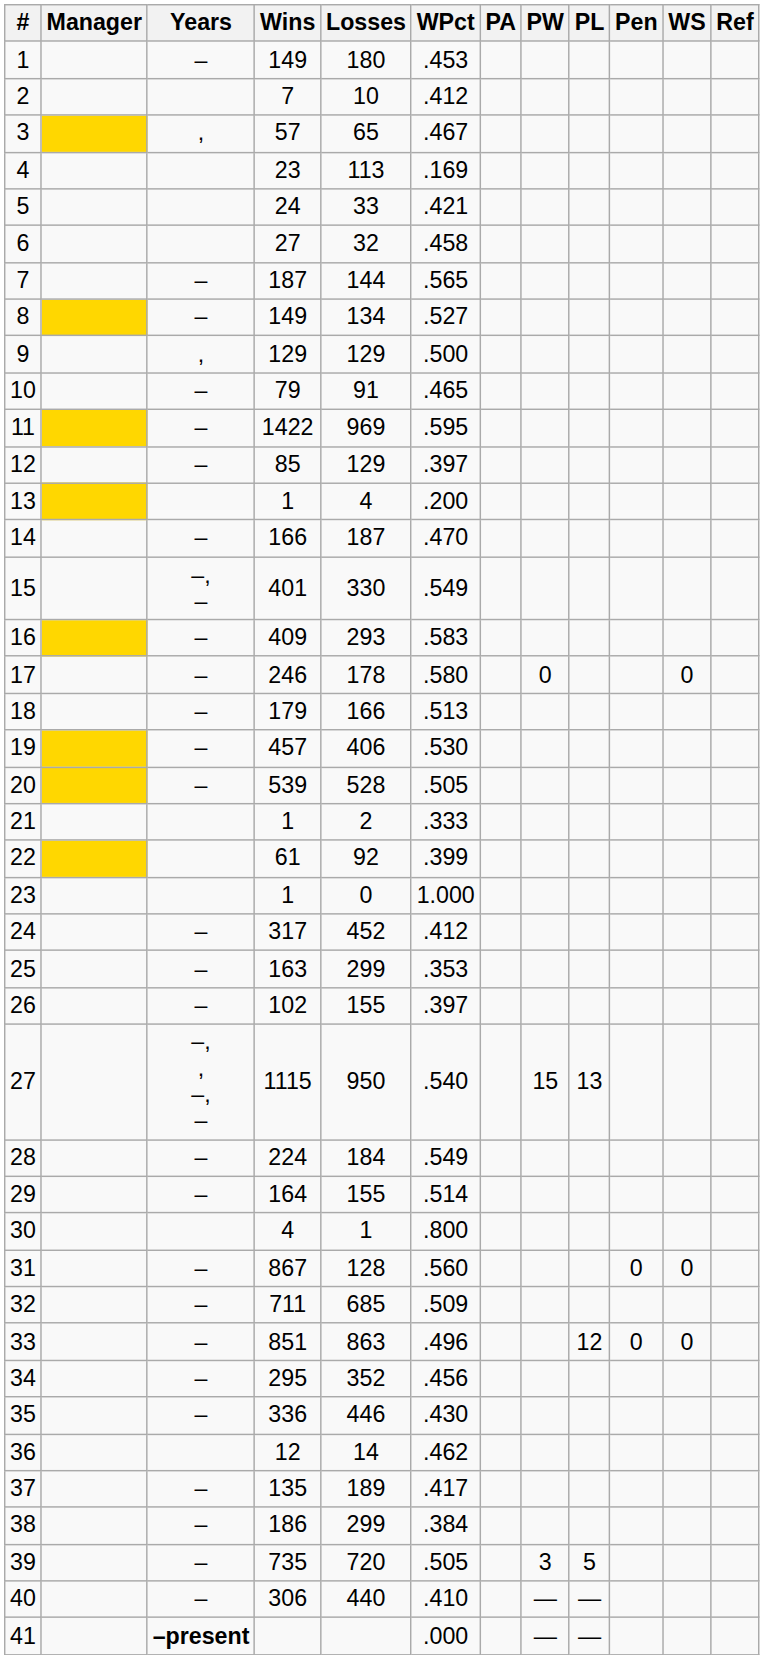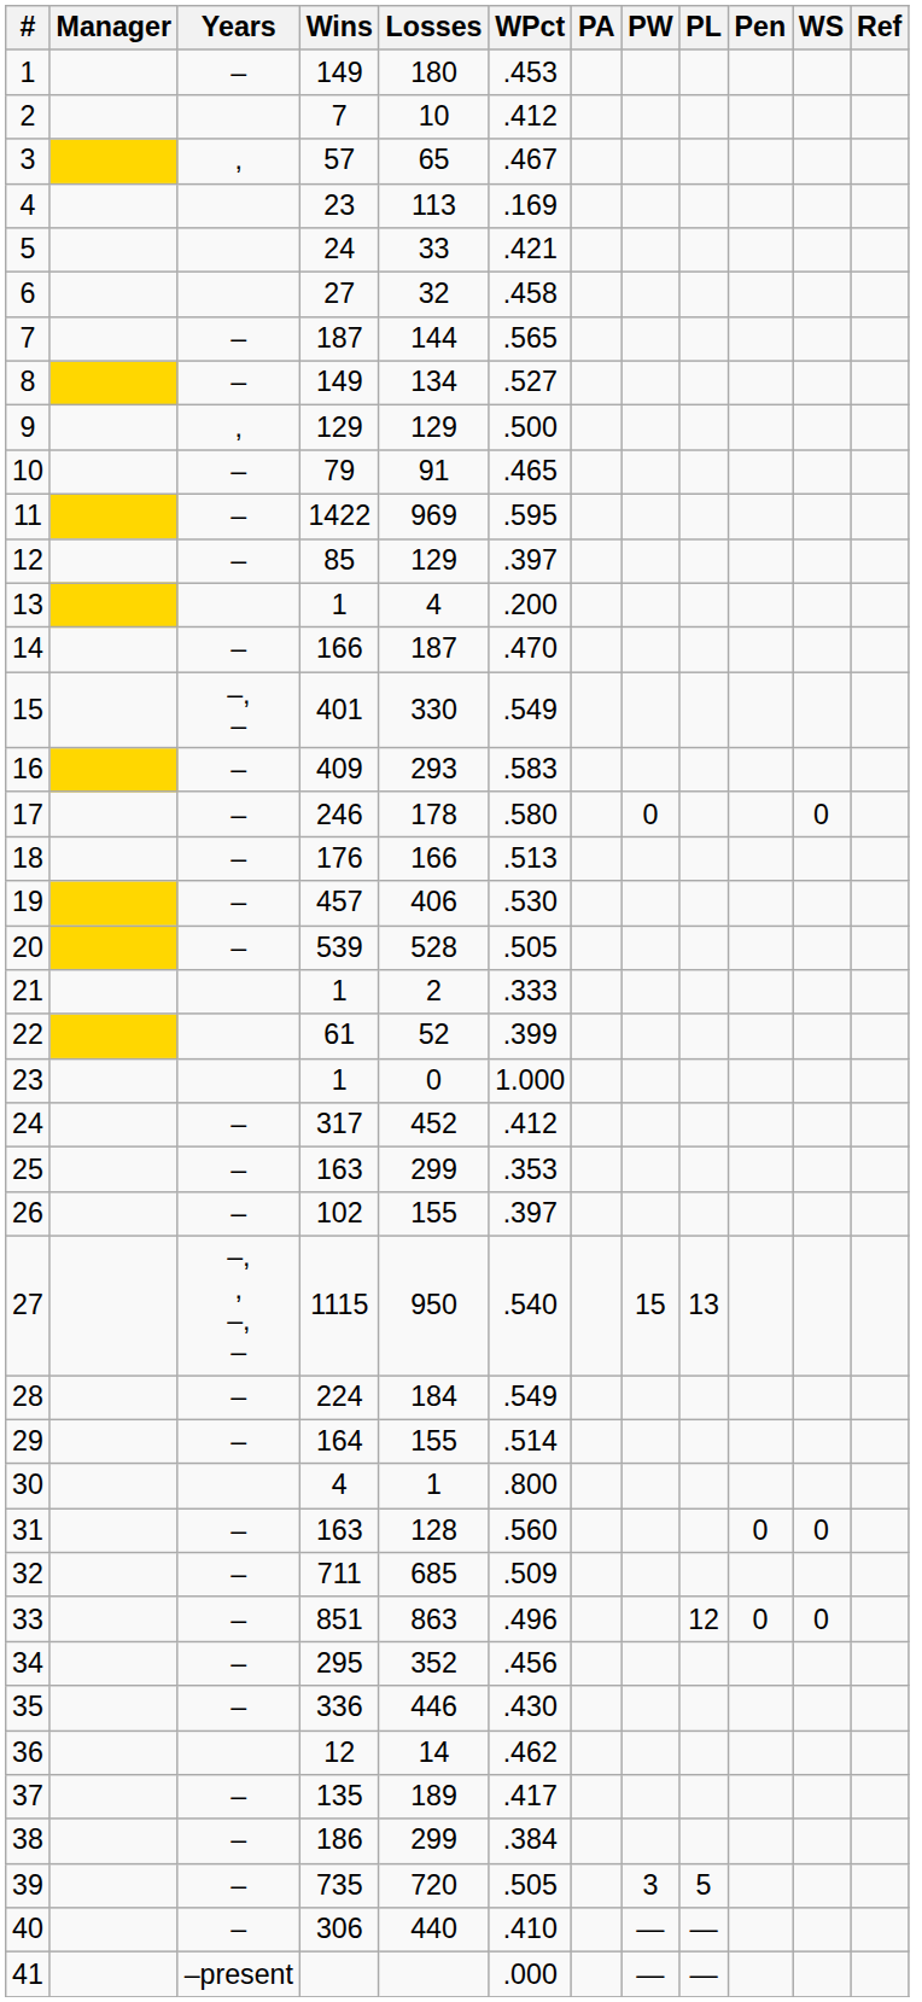 <table class="wikitable sortable" style="text-align:center">
 <tr>
 <th class="unsortable">#</th>
 <th>Manager</th>
 <th>Years</th>
 <th>Wins</th>
 <th>Losses</th>
 <th>WPct</th>
 <th>PA</th>
 <th>PW</th>
 <th>PL</th>
 <th>Pen</th>
 <th>WS</th>
 <th class="unsortable">Ref</th>
 </tr>
 <tr>
 <td>1</td>
 <td></td>
 <td>–</td>
 <td>149</td>
 <td>180</td>
 <td>.453</td>
 <td></td>
 <td></td>
 <td></td>
 <td></td>
 <td></td>
 <td></td>
 </tr>
 <tr>
 <td>2</td>
 <td></td>
 <td></td>
 <td>7</td>
 <td>10</td>
 <td>.412</td>
 <td></td>
 <td></td>
 <td></td>
 <td></td>
 <td></td>
 <td></td>
 </tr>
 <tr>
 <td>3</td>
 <td bgcolor="ffd700"></td>
 <td>, </td>
 <td>57</td>
 <td>65</td>
 <td>.467</td>
 <td></td>
 <td></td>
 <td></td>
 <td></td>
 <td></td>
 <td></td>
 </tr>
 <tr>
 <td>4</td>
 <td></td>
 <td></td>
 <td>23</td>
 <td>113</td>
 <td>.169</td>
 <td></td>
 <td></td>
 <td></td>
 <td></td>
 <td></td>
 <td></td>
 </tr>
 <tr>
 <td>5</td>
 <td></td>
 <td></td>
 <td>24</td>
 <td>33</td>
 <td>.421</td>
 <td></td>
 <td></td>
 <td></td>
 <td></td>
 <td></td>
 <td></td>
 </tr>
 <tr>
 <td>6</td>
 <td></td>
 <td></td>
 <td>27</td>
 <td>32</td>
 <td>.458</td>
 <td></td>
 <td></td>
 <td></td>
 <td></td>
 <td></td>
 <td></td>
 </tr>
 <tr>
 <td>7</td>
 <td></td>
 <td>–</td>
 <td>187</td>
 <td>144</td>
 <td>.565</td>
 <td></td>
 <td></td>
 <td></td>
 <td></td>
 <td></td>
 <td></td>
 </tr>
 <tr>
 <td>8</td>
 <td bgcolor="ffd700"></td>
 <td>–</td>
 <td>149</td>
 <td>134</td>
 <td>.527</td>
 <td></td>
 <td></td>
 <td></td>
 <td></td>
 <td></td>
 <td></td>
 </tr>
 <tr>
 <td>9</td>
 <td></td>
 <td>, </td>
 <td>129</td>
 <td>129</td>
 <td>.500</td>
 <td></td>
 <td></td>
 <td></td>
 <td></td>
 <td></td>
 <td></td>
 </tr>
 <tr>
 <td>10</td>
 <td></td>
 <td>–</td>
 <td>79</td>
 <td>91</td>
 <td>.465</td>
 <td></td>
 <td></td>
 <td></td>
 <td></td>
 <td></td>
 <td></td>
 </tr>
 <tr>
 <td>11</td>
 <td bgcolor="ffd700"></td>
 <td>–</td>
 <td>1422</td>
 <td>969</td>
 <td>.595</td>
 <td></td>
 <td></td>
 <td></td>
 <td></td>
 <td></td>
 <td></td>
 </tr>
 <tr>
 <td>12</td>
 <td></td>
 <td>–</td>
 <td>85</td>
 <td>129</td>
 <td>.397</td>
 <td></td>
 <td></td>
 <td></td>
 <td></td>
 <td></td>
 <td></td>
 </tr>
 <tr>
 <td>13</td>
 <td bgcolor="ffd700"></td>
 <td></td>
 <td>1</td>
 <td>4</td>
 <td>.200</td>
 <td></td>
 <td></td>
 <td></td>
 <td></td>
 <td></td>
 <td></td>
 </tr>
 <tr>
 <td>14</td>
 <td></td>
 <td>–</td>
 <td>166</td>
 <td>187</td>
 <td>.470</td>
 <td></td>
 <td></td>
 <td></td>
 <td></td>
 <td></td>
 <td></td>
 </tr>
 <tr>
 <td>15</td>
 <td></td>
 <td>–,<br>–</td>
 <td>401</td>
 <td>330</td>
 <td>.549</td>
 <td></td>
 <td></td>
 <td></td>
 <td></td>
 <td></td>
 <td></td>
 </tr>
 <tr>
 <td>16</td>
 <td bgcolor="ffd700"></td>
 <td>–</td>
 <td>409</td>
 <td>293</td>
 <td>.583</td>
 <td></td>
 <td></td>
 <td></td>
 <td></td>
 <td></td>
 <td></td>
 </tr>
 <tr>
 <td>17</td>
 <td></td>
 <td>–</td>
 <td>246</td>
 <td>178</td>
 <td>.580</td>
 <td></td>
 <td>0</td>
 <td></td>
 <td></td>
 <td>0</td>
 <td></td>
 </tr>
 <tr>
 <td>18</td>
 <td></td>
 <td>–</td>
-<td>179</td>
+<td>176</td>
 <td>166</td>
 <td>.513</td>
 <td></td>
 <td></td>
 <td></td>
 <td></td>
 <td></td>
 <td></td>
 </tr>
 <tr>
 <td>19</td>
 <td bgcolor="ffd700"></td>
 <td>–</td>
 <td>457</td>
 <td>406</td>
 <td>.530</td>
 <td></td>
 <td></td>
 <td></td>
 <td></td>
 <td></td>
 <td></td>
 </tr>
 <tr>
 <td>20</td>
 <td bgcolor="ffd700"></td>
 <td>–</td>
 <td>539</td>
 <td>528</td>
 <td>.505</td>
 <td></td>
 <td></td>
 <td></td>
 <td></td>
 <td></td>
 <td></td>
 </tr>
 <tr>
 <td>21</td>
 <td></td>
 <td></td>
 <td>1</td>
 <td>2</td>
 <td>.333</td>
 <td></td>
 <td></td>
 <td></td>
 <td></td>
 <td></td>
 <td></td>
 </tr>
 <tr>
 <td>22</td>
 <td bgcolor="ffd700"></td>
 <td></td>
 <td>61</td>
-<td>92</td>
+<td>52</td>
 <td>.399</td>
 <td></td>
 <td></td>
 <td></td>
 <td></td>
 <td></td>
 <td></td>
 </tr>
 <tr>
 <td>23</td>
 <td></td>
 <td></td>
 <td>1</td>
 <td>0</td>
 <td>1.000</td>
 <td></td>
 <td></td>
 <td></td>
 <td></td>
 <td></td>
 <td></td>
 </tr>
 <tr>
 <td>24</td>
 <td></td>
 <td>–</td>
 <td>317</td>
 <td>452</td>
 <td>.412</td>
 <td></td>
 <td></td>
 <td></td>
 <td></td>
 <td></td>
 <td></td>
 </tr>
 <tr>
 <td>25</td>
 <td></td>
 <td>–</td>
 <td>163</td>
 <td>299</td>
 <td>.353</td>
 <td></td>
 <td></td>
 <td></td>
 <td></td>
 <td></td>
 <td></td>
 </tr>
 <tr>
 <td>26</td>
 <td></td>
 <td>–</td>
 <td>102</td>
 <td>155</td>
 <td>.397</td>
 <td></td>
 <td></td>
 <td></td>
 <td></td>
 <td></td>
 <td></td>
 </tr>
 <tr>
 <td>27</td>
 <td></td>
 <td>–,<br>,<br>–,<br>–</td>
 <td>1115</td>
 <td>950</td>
 <td>.540</td>
 <td></td>
 <td>15</td>
 <td>13</td>
 <td></td>
 <td></td>
 <td></td>
 </tr>
 <tr>
 <td>28</td>
 <td></td>
 <td>–</td>
 <td>224</td>
 <td>184</td>
 <td>.549</td>
 <td></td>
 <td></td>
 <td></td>
 <td></td>
 <td></td>
 <td></td>
 </tr>
 <tr>
 <td>29</td>
 <td></td>
 <td>–</td>
 <td>164</td>
 <td>155</td>
 <td>.514</td>
 <td></td>
 <td></td>
 <td></td>
 <td></td>
 <td></td>
 <td></td>
 </tr>
 <tr>
 <td>30</td>
 <td></td>
 <td></td>
 <td>4</td>
 <td>1</td>
 <td>.800</td>
 <td></td>
 <td></td>
 <td></td>
 <td></td>
 <td></td>
 <td></td>
 </tr>
 <tr>
 <td>31</td>
 <td></td>
 <td>–</td>
-<td>867</td>
+<td>163</td>
 <td>128</td>
 <td>.560</td>
 <td></td>
 <td></td>
 <td></td>
 <td>0</td>
 <td>0</td>
 <td></td>
 </tr>
 <tr>
 <td>32</td>
 <td></td>
 <td>–</td>
 <td>711</td>
 <td>685</td>
 <td>.509</td>
 <td></td>
 <td></td>
 <td></td>
 <td></td>
 <td></td>
 <td></td>
 </tr>
 <tr>
 <td>33</td>
 <td></td>
 <td>–</td>
 <td>851</td>
 <td>863</td>
 <td>.496</td>
 <td></td>
 <td></td>
 <td>12</td>
 <td>0</td>
 <td>0</td>
 <td></td>
 </tr>
 <tr>
 <td>34</td>
 <td></td>
 <td>–</td>
 <td>295</td>
 <td>352</td>
 <td>.456</td>
 <td></td>
 <td></td>
 <td></td>
 <td></td>
 <td></td>
 <td></td>
 </tr>
 <tr>
 <td>35</td>
 <td></td>
 <td>–</td>
 <td>336</td>
 <td>446</td>
 <td>.430</td>
 <td></td>
 <td></td>
 <td></td>
 <td></td>
 <td></td>
 <td></td>
 </tr>
 <tr>
 <td>36</td>
 <td></td>
 <td></td>
 <td>12</td>
 <td>14</td>
 <td>.462</td>
 <td></td>
 <td></td>
 <td></td>
 <td></td>
 <td></td>
 <td></td>
 </tr>
 <tr>
 <td>37</td>
 <td></td>
 <td>–</td>
 <td>135</td>
 <td>189</td>
 <td>.417</td>
 <td></td>
 <td></td>
 <td></td>
 <td></td>
 <td></td>
 <td></td>
 </tr>
 <tr>
 <td>38</td>
 <td></td>
 <td>–</td>
 <td>186</td>
 <td>299</td>
 <td>.384</td>
 <td></td>
 <td></td>
 <td></td>
 <td></td>
 <td></td>
 <td></td>
 </tr>
 <tr>
 <td>39</td>
 <td></td>
 <td>–</td>
 <td>735</td>
 <td>720</td>
 <td>.505</td>
 <td></td>
 <td>3</td>
 <td>5</td>
 <td></td>
 <td></td>
 <td></td>
 </tr>
 <tr>
 <td>40</td>
 <td></td>
 <td>–</td>
 <td>306</td>
 <td>440</td>
 <td>.410</td>
 <td></td>
 <td>—</td>
 <td>—</td>
 <td></td>
 <td></td>
 <td></td>
 </tr>
 <tr>
 <td>41</td>
 <td></td>
-<td><strong>–present</strong></td>
+<td>–present</td>
 <td></td>
 <td></td>
 <td>.000</td>
 <td></td>
 <td>—</td>
 <td>—</td>
 <td></td>
 <td></td>
 <td></td>
 </tr>
 </table>
